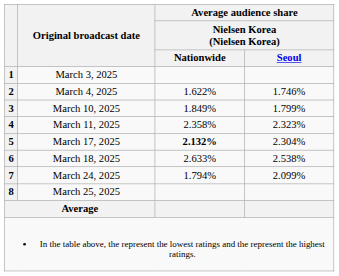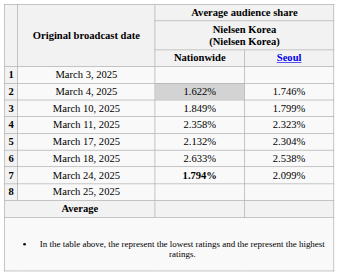 <table class="wikitable" style="margin-left:auto; margin-right:auto; width:500px; text-align:center">
 <tr>
 <th rowspan="3" scope="col"></th>
 <th rowspan="3" scope="col">Original broadcast date</th>
 <th colspan="2" scope="col">Average audience share</th>
 </tr>
 <tr>
 <th colspan="2" scope="col">Nielsen Korea<br>(Nielsen Korea)</th>
 </tr>
 <tr>
 <th scope="col" style="width:8em">Nationwide</th>
 <th scope="col" style="width:8em"><a href='#'>Seoul</a></th>
 </tr>
 <tr>
 <th scope="row">1</th>
 <td>March 3, 2025</td>
 <td><strong></strong> </td>
 <td></td>
 </tr>
 <tr>
 <th scope="row">2</th>
 <td>March 4, 2025</td>
-<td>1.622% </td>
+<td style="background: lightgrey;">1.622% </td>
 <td>1.746% </td>
 </tr>
 <tr>
 <th scope="row">3</th>
 <td>March 10, 2025</td>
 <td>1.849% </td>
 <td>1.799% </td>
 </tr>
 <tr>
 <th scope="row">4</th>
 <td>March 11, 2025</td>
 <td>2.358% </td>
 <td>2.323% </td>
 </tr>
 <tr>
 <th scope="row">5</th>
 <td>March 17, 2025</td>
-<td><strong>2.132% </strong></td>
+<td>2.132% </td>
 <td>2.304% </td>
 </tr>
 <tr>
 <th scope="row">6</th>
 <td>March 18, 2025</td>
 <td>2.633% </td>
 <td>2.538% </td>
 </tr>
 <tr>
 <th scope="row">7</th>
 <td>March 24, 2025</td>
-<td>1.794% </td>
+<td><strong>1.794% </strong></td>
 <td>2.099% </td>
 </tr>
 <tr>
 <th scope="row">8</th>
 <td>March 25, 2025</td>
 <td><strong></strong> </td>
 <td><strong></strong> </td>
 </tr>
 <tr>
 <th colspan="2" scope="col">Average</th>
 <th scope="col"></th>
 <th scope="col"></th>
 </tr>
 <tr>
 <td colspan="5" style="font-size:85%"><br><ul><li>In the table above, the <strong></strong> represent the lowest ratings and the <strong></strong> represent the highest ratings.</li></ul></td>
 </tr>
 </table>
